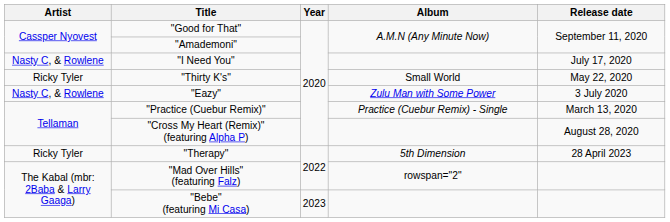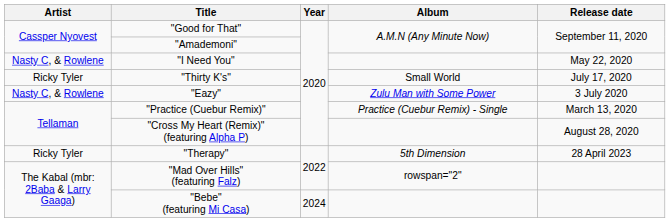 <table class="wikitable plainrowheaders" style="text-align:center;" border="1">
 <tr>
 <th style="width:10em;">Artist</th>
 <th style="width:18em;">Title</th>
 <th style="width:2em;">Year</th>
 <th style="width:20em;">Album</th>
 <th style="width:12em;">Release date</th>
 </tr>
 <tr>
 <td rowspan="2"><a href='#'>Cassper Nyovest</a></td>
 <td>"Good for That"</td>
 <td rowspan="7">2020</td>
 <td rowspan="2"><em>A.M.N (Any Minute Now)</em></td>
 <td rowspan="2">September 11, 2020</td>
 </tr>
 <tr>
 <td>"Amademoni"</td>
 </tr>
 <tr>
 <td><a href='#'>Nasty C</a>, & <a href='#'>Rowlene</a></td>
 <td>"I Need You"</td>
 <td></td>
-<td>July 17, 2020</td>
+<td>May 22, 2020</td>
 </tr>
 <tr>
 <td>Ricky Tyler</td>
 <td>"Thirty K's"</td>
 <td>Small World</td>
-<td>May 22, 2020</td>
+<td>July 17, 2020</td>
 </tr>
 <tr>
 <td><a href='#'>Nasty C</a>, & <a href='#'>Rowlene</a></td>
 <td>"Eazy"</td>
 <td><em><a href='#'>Zulu Man with Some Power</a></em></td>
 <td>3 July 2020</td>
 </tr>
 <tr>
 <td rowspan="2"><a href='#'>Tellaman</a></td>
 <td>"Practice (Cuebur Remix)"</td>
 <td><em>Practice (Cuebur Remix) - Single</em></td>
 <td>March 13, 2020</td>
 </tr>
 <tr>
 <td>"Cross My Heart (Remix)"<br>(featuring <a href='#'>Alpha P</a>)</td>
 <td><em></em></td>
 <td>August 28, 2020</td>
 </tr>
 <tr>
 <td>Ricky Tyler</td>
 <td>"Therapy"</td>
 <td rowspan="2">2022</td>
 <td><em>5th Dimension</em></td>
 <td>28 April 2023</td>
 </tr>
 <tr>
 <td rowspan="2">The Kabal (mbr: <a href='#'>2Baba</a> & <a href='#'>Larry Gaaga</a>)</td>
 <td>"Mad Over Hills"<br>(featuring <a href='#'>Falz</a>)</td>
 <td>rowspan="2" </td>
 <td></td>
 </tr>
 <tr>
 <td>"Bebe"<br>(featuring <a href='#'>Mi Casa</a>)</td>
-<td rowspan="1">2023</td>
+<td rowspan="1">2024</td>
 <td></td>
 </tr>
 </table>
